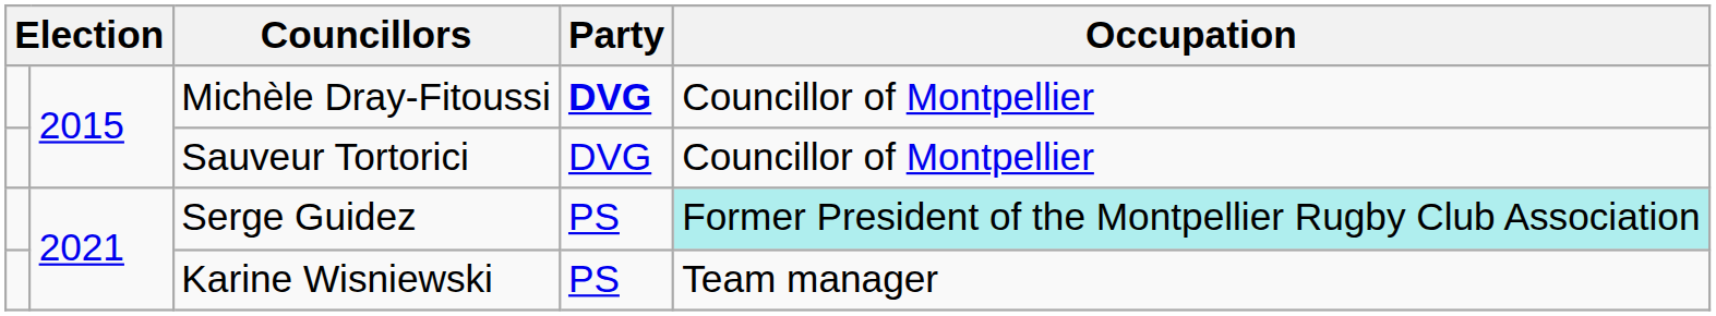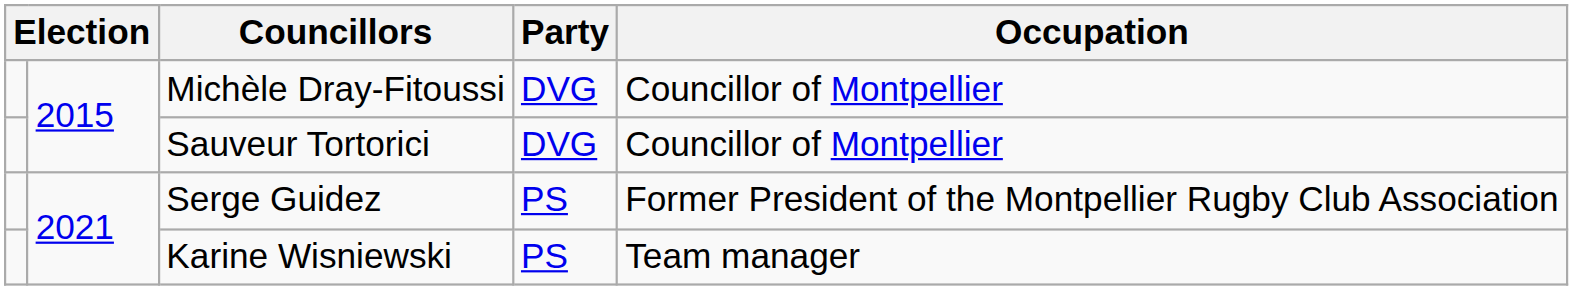 <table class="wikitable">
 <tr>
 <th colspan="2">Election</th>
 <th>Councillors</th>
 <th>Party</th>
 <th>Occupation</th>
 </tr>
 <tr>
 <td style="background-color: "></td>
 <td rowspan="2"><a href='#'>2015</a></td>
 <td>Michèle Dray-Fitoussi</td>
-<td><strong><a href='#'>DVG</a></strong></td>
+<td><a href='#'>DVG</a></td>
 <td>Councillor of <a href='#'>Montpellier</a></td>
 </tr>
 <tr>
 <td style="background-color: "></td>
 <td>Sauveur Tortorici</td>
 <td><a href='#'>DVG</a></td>
 <td>Councillor of <a href='#'>Montpellier</a></td>
 </tr>
 <tr>
 <td style="background-color: "></td>
 <td rowspan="2"><a href='#'>2021</a></td>
 <td>Serge Guidez</td>
 <td><a href='#'>PS</a></td>
-<td style="background: paleturquoise;">Former President of the Montpellier Rugby Club Association</td>
+<td>Former President of the Montpellier Rugby Club Association</td>
 </tr>
 <tr>
 <td style="background-color: "></td>
 <td>Karine Wisniewski</td>
 <td><a href='#'>PS</a></td>
 <td>Team manager</td>
 </tr>
 </table>
